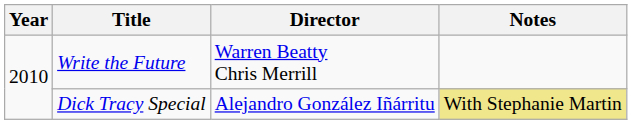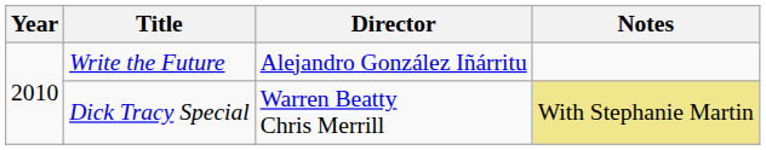 <table class="wikitable plainrowheaders">
 <tr>
 <th>Year</th>
 <th>Title</th>
 <th>Director</th>
 <th>Notes</th>
 </tr>
 <tr>
 <td rowspan=2>2010</td>
 <td><em><a href='#'>Write the Future</a></em></td>
-<td><a href='#'>Warren Beatty</a><br>Chris Merrill</td>
+<td><a href='#'>Alejandro González Iñárritu</a></td>
 <td></td>
 </tr>
 <tr>
 <td><em><a href='#'>Dick Tracy</a> Special</em></td>
-<td><a href='#'>Alejandro González Iñárritu</a></td>
+<td><a href='#'>Warren Beatty</a><br>Chris Merrill</td>
 <td style="background: khaki;">With Stephanie Martin</td>
 </tr>
 </table>
